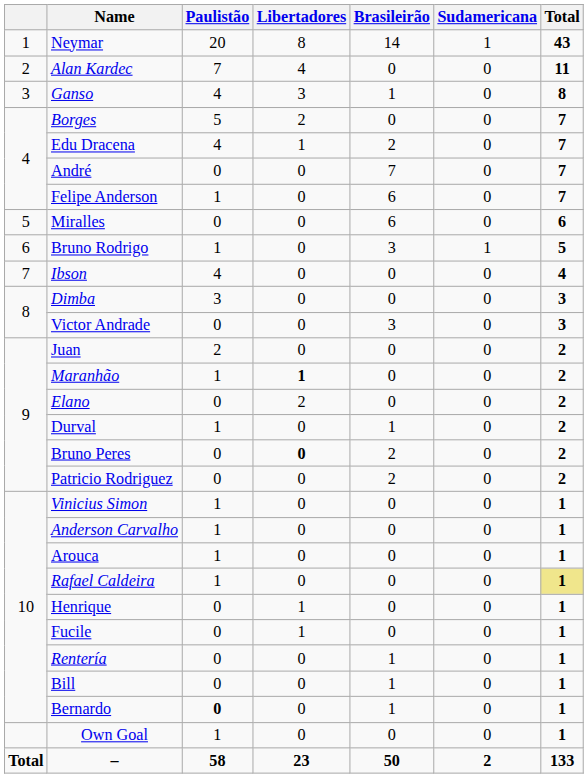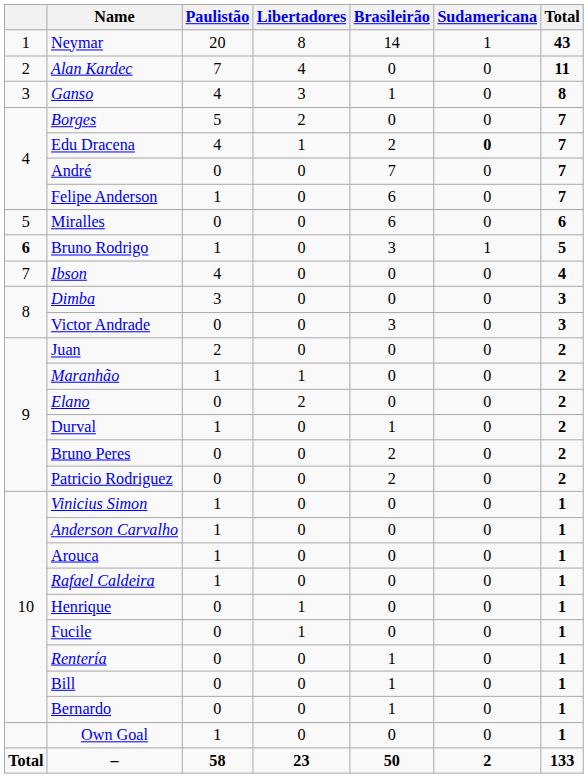 <table class="wikitable" style="text-align:center;">
 <tr>
 <th></th>
 <th>Name</th>
 <th><a href='#'>Paulistão</a></th>
 <th><a href='#'>Libertadores</a></th>
 <th><a href='#'>Brasileirão</a></th>
 <th><a href='#'>Sudamericana</a></th>
 <th>Total</th>
 </tr>
 <tr>
 <td rowspan=>1</td>
 <td align=left> <a href='#'>Neymar</a></td>
 <td>20</td>
 <td>8</td>
 <td>14</td>
 <td>1</td>
 <td><strong>43</strong></td>
 </tr>
 <tr>
 <td rowspan=>2</td>
 <td align=left> <em><a href='#'>Alan Kardec</a></em></td>
 <td>7</td>
 <td>4</td>
 <td>0</td>
 <td>0</td>
 <td><strong>11</strong></td>
 </tr>
 <tr>
 <td rowspan=>3</td>
 <td align=left> <em><a href='#'>Ganso</a></em></td>
 <td>4</td>
 <td>3</td>
 <td>1</td>
 <td>0</td>
 <td><strong>8</strong></td>
 </tr>
 <tr>
 <td rowspan=4>4</td>
 <td align=left> <em><a href='#'>Borges</a></em></td>
 <td>5</td>
 <td>2</td>
 <td>0</td>
 <td>0</td>
 <td><strong>7</strong></td>
 </tr>
 <tr>
 <td align=left> <a href='#'>Edu Dracena</a></td>
 <td>4</td>
 <td>1</td>
 <td>2</td>
-<td>0</td>
+<td><strong>0</strong></td>
 <td><strong>7</strong></td>
 </tr>
 <tr>
 <td align=left> <a href='#'>André</a></td>
 <td>0</td>
 <td>0</td>
 <td>7</td>
 <td>0</td>
 <td><strong>7</strong></td>
 </tr>
 <tr>
 <td align=left> <a href='#'>Felipe Anderson</a></td>
 <td>1</td>
 <td>0</td>
 <td>6</td>
 <td>0</td>
 <td><strong>7</strong></td>
 </tr>
 <tr>
 <td rowspan=>5</td>
 <td align=left> <a href='#'>Miralles</a></td>
 <td>0</td>
 <td>0</td>
 <td>6</td>
 <td>0</td>
 <td><strong>6</strong></td>
 </tr>
 <tr>
-<td rowspan=>6</td>
+<td rowspan=><strong>6</strong></td>
 <td align=left> <a href='#'>Bruno Rodrigo</a></td>
 <td>1</td>
 <td>0</td>
 <td>3</td>
 <td>1</td>
 <td><strong>5</strong></td>
 </tr>
 <tr>
 <td rowspan=>7</td>
 <td align=left> <em><a href='#'>Ibson</a></em></td>
 <td>4</td>
 <td>0</td>
 <td>0</td>
 <td>0</td>
 <td><strong>4</strong></td>
 </tr>
 <tr>
 <td rowspan=2>8</td>
 <td align=left> <em><a href='#'>Dimba</a></em></td>
 <td>3</td>
 <td>0</td>
 <td>0</td>
 <td>0</td>
 <td><strong>3</strong></td>
 </tr>
 <tr>
 <td align=left> <a href='#'>Victor Andrade</a></td>
 <td>0</td>
 <td>0</td>
 <td>3</td>
 <td>0</td>
 <td><strong>3</strong></td>
 </tr>
 <tr>
 <td rowspan=6>9</td>
 <td align=left> <a href='#'>Juan</a></td>
 <td>2</td>
 <td>0</td>
 <td>0</td>
 <td>0</td>
 <td><strong>2</strong></td>
 </tr>
 <tr>
 <td align=left> <em><a href='#'>Maranhão</a></em></td>
 <td>1</td>
-<td><strong>1</strong></td>
+<td>1</td>
 <td>0</td>
 <td>0</td>
 <td><strong>2</strong></td>
 </tr>
 <tr>
 <td align=left> <em><a href='#'>Elano</a></em></td>
 <td>0</td>
 <td>2</td>
 <td>0</td>
 <td>0</td>
 <td><strong>2</strong></td>
 </tr>
 <tr>
 <td align=left> <a href='#'>Durval</a></td>
 <td>1</td>
 <td>0</td>
 <td>1</td>
 <td>0</td>
 <td><strong>2</strong></td>
 </tr>
 <tr>
 <td align=left> <a href='#'>Bruno Peres</a></td>
 <td>0</td>
-<td><strong>0</strong></td>
+<td>0</td>
 <td>2</td>
 <td>0</td>
 <td><strong>2</strong></td>
 </tr>
 <tr>
 <td align=left> <a href='#'>Patricio Rodriguez</a></td>
 <td>0</td>
 <td>0</td>
 <td>2</td>
 <td>0</td>
 <td><strong>2</strong></td>
 </tr>
 <tr>
 <td rowspan=9>10</td>
 <td align=left> <em><a href='#'>Vinicius Simon</a></em></td>
 <td>1</td>
 <td>0</td>
 <td>0</td>
 <td>0</td>
 <td><strong>1</strong></td>
 </tr>
 <tr>
 <td align=left> <em><a href='#'>Anderson Carvalho</a></em></td>
 <td>1</td>
 <td>0</td>
 <td>0</td>
 <td>0</td>
 <td><strong>1</strong></td>
 </tr>
 <tr>
 <td align=left> <a href='#'>Arouca</a></td>
 <td>1</td>
 <td>0</td>
 <td>0</td>
 <td>0</td>
 <td><strong>1</strong></td>
 </tr>
 <tr>
 <td align=left> <em><a href='#'>Rafael Caldeira</a></em></td>
 <td>1</td>
 <td>0</td>
 <td>0</td>
 <td>0</td>
-<td style="background: khaki;"><strong>1</strong></td>
+<td><strong>1</strong></td>
 </tr>
 <tr>
 <td align=left> <a href='#'>Henrique</a></td>
 <td>0</td>
 <td>1</td>
 <td>0</td>
 <td>0</td>
 <td><strong>1</strong></td>
 </tr>
 <tr>
 <td align=left> <a href='#'>Fucile</a></td>
 <td>0</td>
 <td>1</td>
 <td>0</td>
 <td>0</td>
 <td><strong>1</strong></td>
 </tr>
 <tr>
 <td align=left> <em><a href='#'>Rentería</a></em></td>
 <td>0</td>
 <td>0</td>
 <td>1</td>
 <td>0</td>
 <td><strong>1</strong></td>
 </tr>
 <tr>
 <td align=left> <a href='#'>Bill</a></td>
 <td>0</td>
 <td>0</td>
 <td>1</td>
 <td>0</td>
 <td><strong>1</strong></td>
 </tr>
 <tr>
 <td align=left> <a href='#'>Bernardo</a></td>
-<td><strong>0</strong></td>
+<td>0</td>
 <td>0</td>
 <td>1</td>
 <td>0</td>
 <td><strong>1</strong></td>
 </tr>
 <tr>
 <td rowspan=></td>
 <td align=center><a href='#'>Own Goal</a></td>
 <td>1</td>
 <td>0</td>
 <td>0</td>
 <td>0</td>
 <td><strong>1</strong></td>
 </tr>
 <tr>
 <td align=center><strong>Total</strong></td>
 <td><strong>–</strong></td>
 <td><strong>58</strong></td>
 <td><strong>23</strong></td>
 <td><strong>50</strong></td>
 <td><strong>2</strong></td>
 <td><strong>133</strong></td>
 </tr>
 </table>
